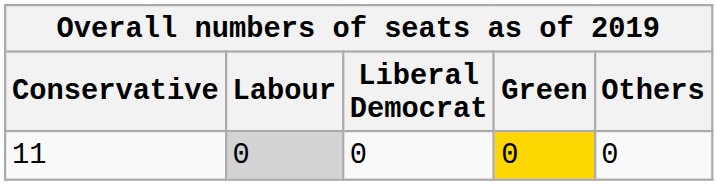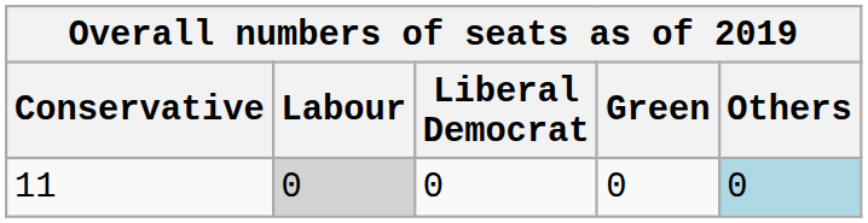 <table class="wikitable">
 <tr>
 <th colspan="6">Overall numbers of seats as of 2019</th>
 </tr>
 <tr>
 <th>Conservative</th>
 <th>Labour</th>
 <th>Liberal<br>Democrat</th>
 <th>Green</th>
 <th>Others</th>
 </tr>
 <tr>
 <td>11</td>
 <td style="background: lightgrey;">0</td>
 <td>0</td>
-<td style="background: gold;">0</td>
 <td>0</td>
+<td style="background: lightblue;">0</td>
 </tr>
 </table>
